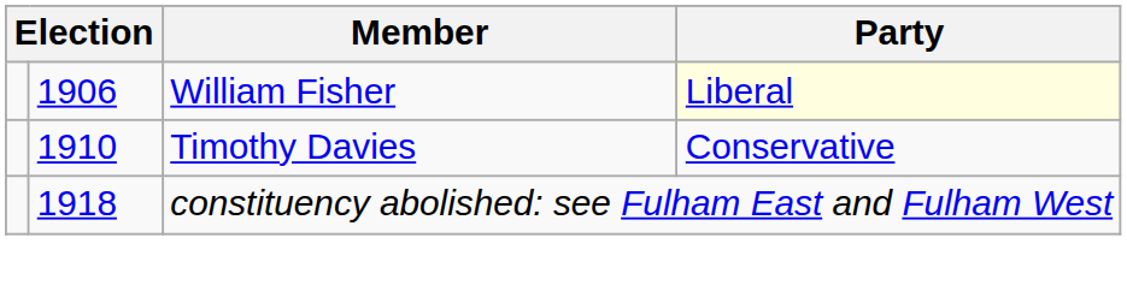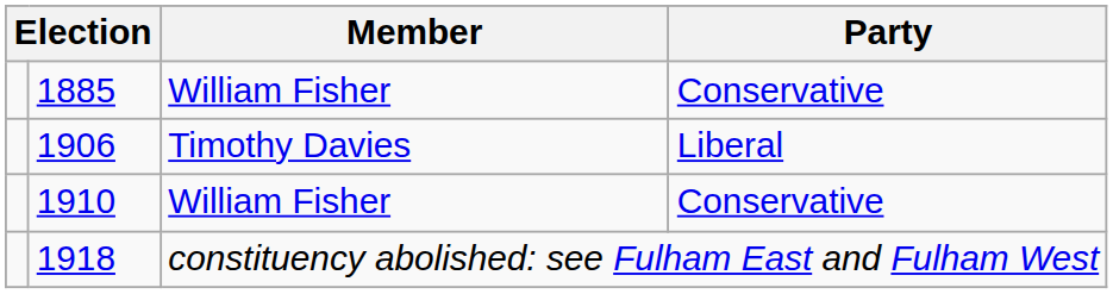 <table class="wikitable">
 <tr>
 <th colspan="2">Election</th>
 <th>Member</th>
 <th>Party</th>
 </tr>
 <tr>
 <td style="color:inherit;background-color: "></td>
+<td><a href='#'>1885</a></td>
+<td><a href='#'>William Fisher</a></td>
+<td><a href='#'>Conservative</a></td>
+</tr>
+<tr>
+<td style="color:inherit;background-color: "></td>
 <td><a href='#'>1906</a></td>
-<td><a href='#'>William Fisher</a></td>
-<td style="background: lightyellow;"><a href='#'>Liberal</a></td>
+<td><a href='#'>Timothy Davies</a></td>
+<td><a href='#'>Liberal</a></td>
 </tr>
 <tr>
 <td style="color:inherit;background-color: "></td>
 <td><a href='#'>1910</a></td>
-<td><a href='#'>Timothy Davies</a></td>
+<td><a href='#'>William Fisher</a></td>
 <td><a href='#'>Conservative</a></td>
 </tr>
 <tr>
 <td></td>
 <td><a href='#'>1918</a></td>
 <td colspan="2"><em>constituency abolished: see <a href='#'>Fulham East</a> and <a href='#'>Fulham West</a></em></td>
 </tr>
 </table>
